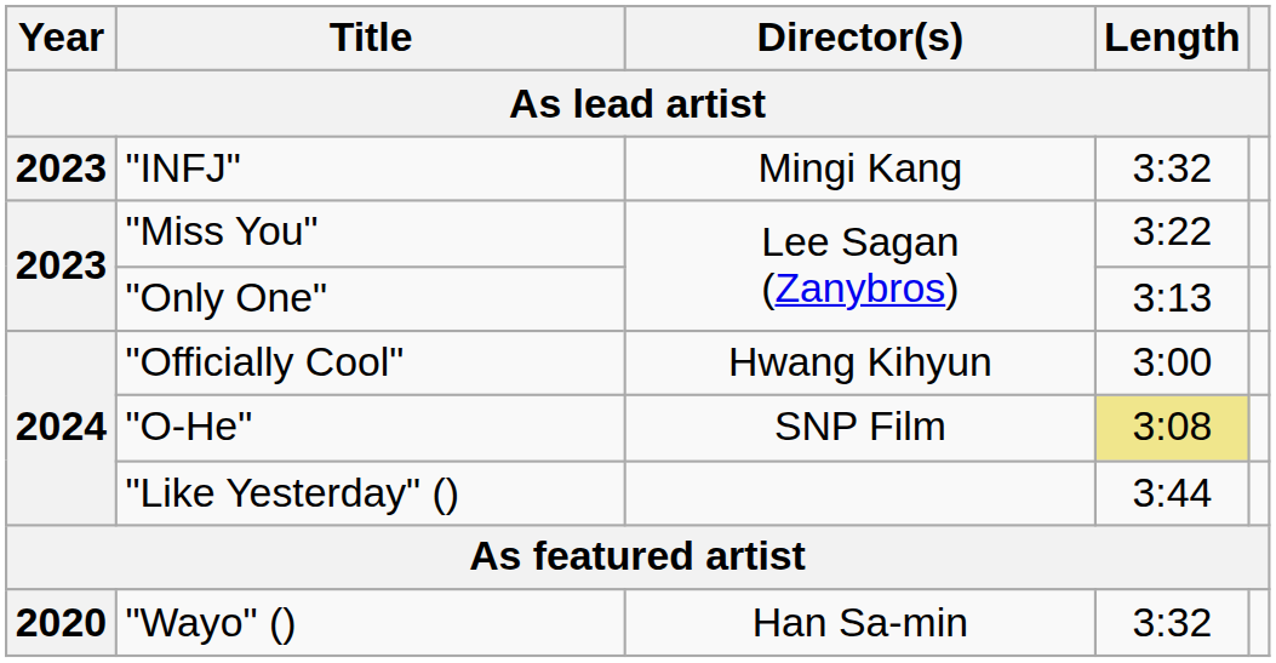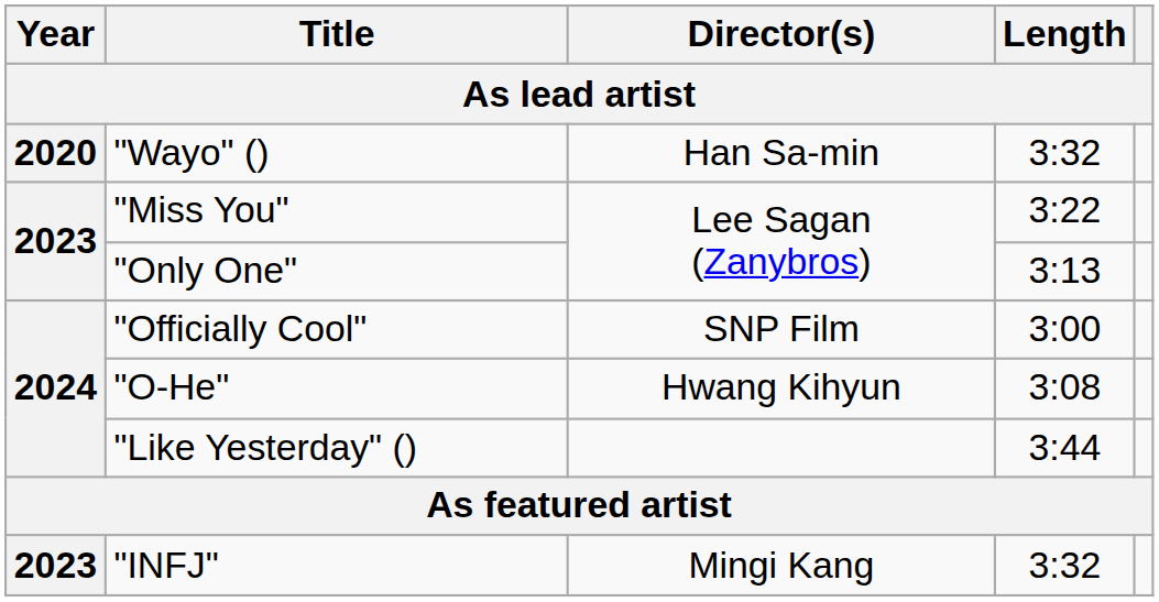 <table class="wikitable plainrowheaders">
 <tr>
 <th>Year</th>
 <th style="width:12em;">Title</th>
 <th style="width:11em;">Director(s)</th>
 <th>Length</th>
 <th scope="col" class="unsortable"></th>
 </tr>
 <tr>
 <th scope="col" colspan="5">As lead artist</th>
 </tr>
 <tr>
-<th scope="row">2023</th>
-<td>"INFJ"<br></td>
-<td style="text-align:center">Mingi Kang</td>
+<th scope="row">2020</th>
+<td>"Wayo" ()</td>
+<td style="text-align:center">Han Sa-min</td>
 <td style="text-align:center">3:32</td>
 <td></td>
 </tr>
 <tr>
 <th scope="row" rowspan="2">2023</th>
 <td>"Miss You"</td>
 <td rowspan=2 style="text-align:center">Lee Sagan<br>(<a href='#'>Zanybros</a>)</td>
 <td style="text-align:center">3:22</td>
 <td></td>
 </tr>
 <tr>
 <td>"Only One"</td>
 <td style="text-align:center">3:13</td>
 <td></td>
 </tr>
 <tr>
 <th scope="row" rowspan="3">2024</th>
 <td scope="row">"Officially Cool"<br></td>
-<td style="text-align:center">Hwang Kihyun</td>
+<td style="text-align:center">SNP Film</td>
 <td style="text-align:center">3:00</td>
 <td></td>
 </tr>
 <tr>
 <td scope="row">"O-He"</td>
-<td style="text-align:center">SNP Film</td>
-<td style="background: khaki; text-align:center">3:08</td>
+<td style="text-align:center">Hwang Kihyun</td>
+<td style="text-align:center">3:08</td>
 <td></td>
 </tr>
 <tr>
 <td scope="row">"Like Yesterday" ()</td>
 <td></td>
 <td style="text-align:center">3:44</td>
 <td></td>
 </tr>
 <tr>
 <th scope="col" colspan="5">As featured artist</th>
 </tr>
 <tr>
-<th scope="row">2020</th>
-<td>"Wayo" ()</td>
-<td style="text-align:center">Han Sa-min</td>
+<th scope="row">2023</th>
+<td>"INFJ"<br></td>
+<td style="text-align:center">Mingi Kang</td>
 <td style="text-align:center">3:32</td>
 <td></td>
 </tr>
 </table>
